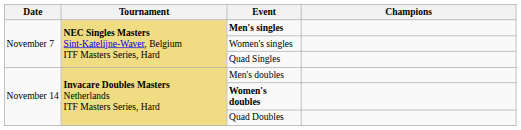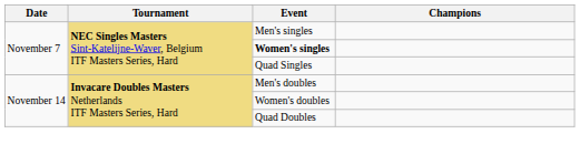 <table class=wikitable style=font-size:85%>
 <tr>
 <th width=75>Date</th>
 <th width=230>Tournament</th>
 <th width=100>Event</th>
 <th width=300>Champions</th>
 </tr>
 <tr>
 <td rowspan=3>November 7</td>
 <td bgcolor=#F0DC82 rowspan=3><strong>NEC Singles Masters</strong><br> <a href='#'>Sint-Katelijne-Waver</a>, Belgium<br>ITF Masters Series, Hard</td>
-<td><strong>Men's singles</strong></td>
+<td>Men's singles</td>
 <td></td>
 </tr>
 <tr>
-<td>Women's singles</td>
+<td><strong>Women's singles</strong></td>
 <td></td>
 </tr>
 <tr>
 <td>Quad Singles</td>
 <td></td>
 </tr>
 <tr>
 <td rowspan=3>November 14</td>
 <td bgcolor=#F0DC82 rowspan=3><strong>Invacare Doubles Masters</strong><br> Netherlands<br>ITF Masters Series, Hard</td>
 <td>Men's doubles</td>
 <td><br></td>
 </tr>
 <tr>
-<td><strong>Women's doubles</strong></td>
+<td>Women's doubles</td>
 <td><br></td>
 </tr>
 <tr>
 <td>Quad Doubles</td>
 <td><br></td>
 </tr>
 </table>
